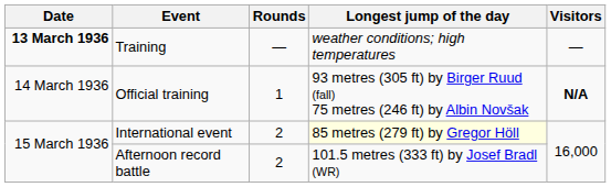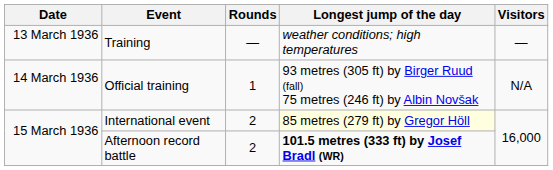 <table class=wikitable style="text-align:center; font-size:88%;">
 <tr>
 <th width=100px>Date</th>
 <th width=130px>Event</th>
 <th width=50px>Rounds</th>
 <th width=230px>Longest jump of the day</th>
 <th width=50px>Visitors</th>
 </tr>
 <tr>
-<td align=right><strong>13 March 1936  </strong></td>
+<td align=right>13 March 1936  </td>
 <td align=left>Training</td>
 <td align=center>—</td>
 <td align=left><em>weather conditions; high temperatures</em></td>
 <td align=center>—</td>
 </tr>
 <tr>
 <td align=right>14 March 1936  </td>
 <td align=left>Official training</td>
 <td align=center>1</td>
 <td align=left>93 metres (305 ft) by <a href='#'>Birger Ruud</a> <small>(fall)</small><br>75 metres (246 ft) by <a href='#'>Albin Novšak</a></td>
-<td align=center><strong>N/A</strong></td>
+<td align=center>N/A</td>
 </tr>
 <tr>
 <td align=right rowspan=2>15 March 1936  </td>
 <td align=left>International event</td>
 <td align=center>2</td>
 <td align=left style="background: lightyellow;">85 metres (279 ft) by <a href='#'>Gregor Höll</a></td>
 <td align=center rowspan=2>16,000</td>
 </tr>
 <tr>
 <td align=left>Afternoon record battle</td>
 <td align=center>2</td>
-<td align=left>101.5 metres (333 ft) by <a href='#'>Josef Bradl</a> <small>(WR)</small></td>
+<td align=left><strong>101.5 metres (333 ft) by <a href='#'>Josef Bradl</a> <small>(WR)</small></strong></td>
 </tr>
 </table>
